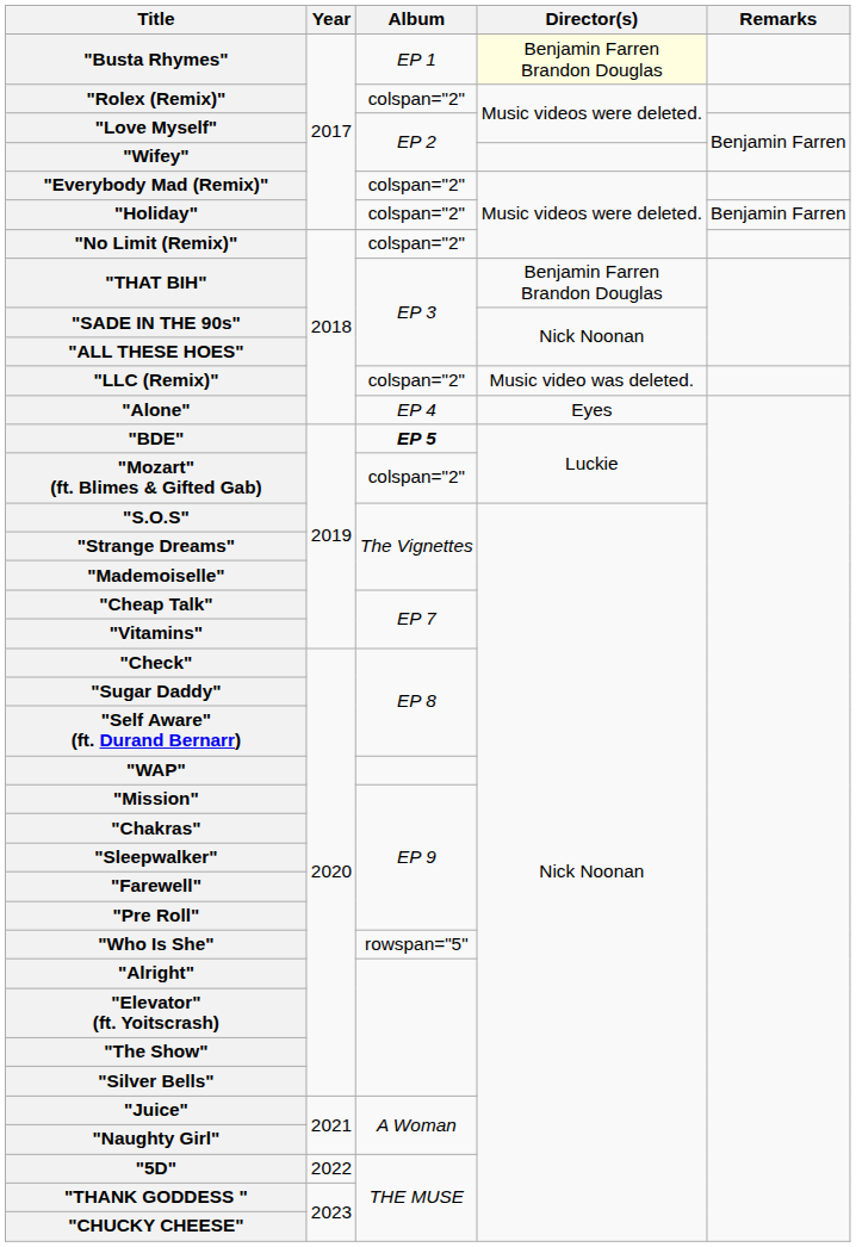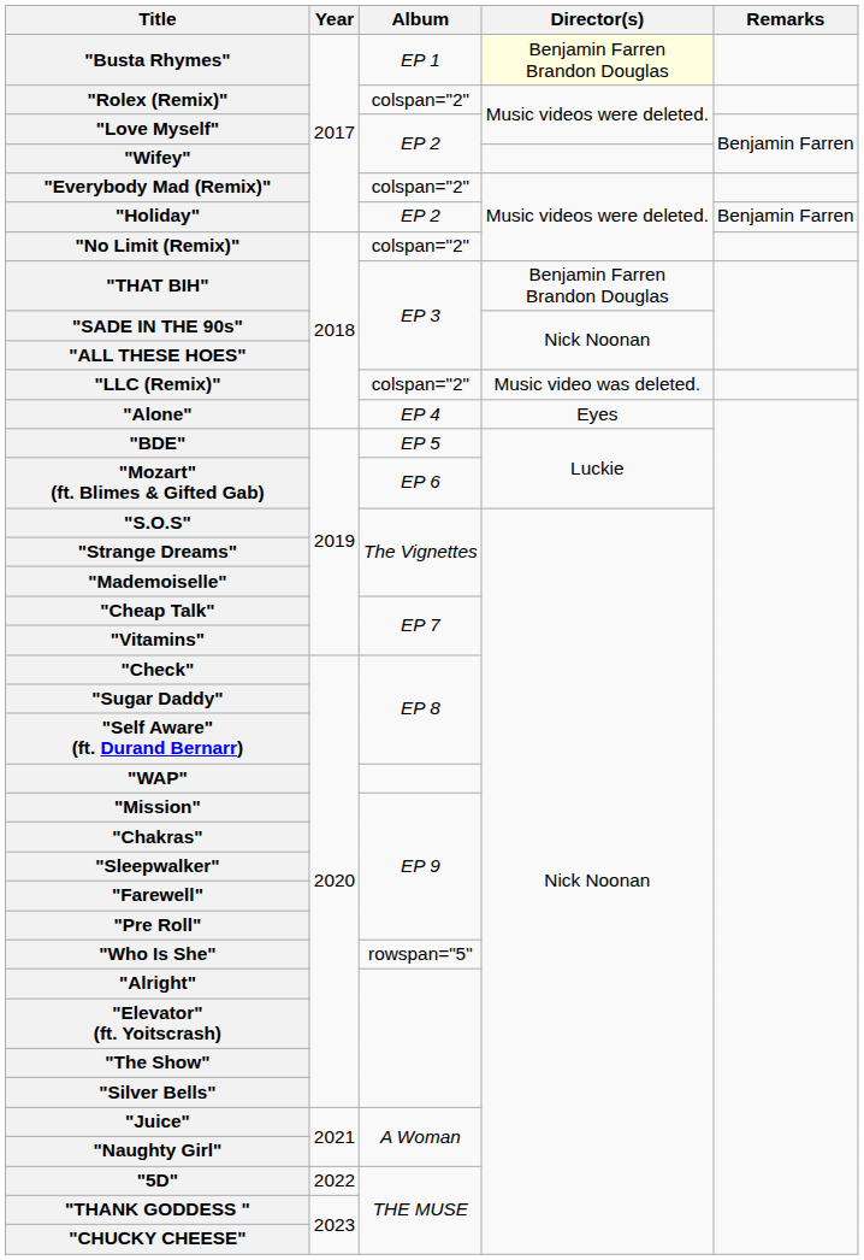 <table class="wikitable plainrowheaders" style="text-align:center;">
 <tr>
 <th scope="col" style="width:16em;">Title</th>
 <th scope="col">Year</th>
 <th>Album</th>
 <th scope="col">Director(s)</th>
 <th>Remarks</th>
 </tr>
 <tr>
 <th scope="row">"Busta Rhymes"</th>
 <td rowspan="6">2017</td>
 <td><em>EP 1</em></td>
 <td style="background: lightyellow;">Benjamin Farren<br>Brandon Douglas</td>
 <td></td>
 </tr>
 <tr>
 <th scope="row">"Rolex (Remix)"</th>
 <td>colspan="2" </td>
 <td rowspan="2">Music videos were deleted.</td>
 </tr>
 <tr>
 <th scope="row">"Love Myself"</th>
 <td rowspan="2"><em>EP 2</em></td>
 <td rowspan="2">Benjamin Farren</td>
 </tr>
 <tr>
 <th scope="row">"Wifey"</th>
 <td></td>
 </tr>
 <tr>
 <th scope="row">"Everybody Mad (Remix)"</th>
 <td>colspan="2" </td>
 <td rowspan="3">Music videos were deleted.</td>
 </tr>
 <tr>
 <th scope="row">"Holiday"</th>
-<td>colspan="2" </td>
+<td><em>EP 2</em></td>
 <td>Benjamin Farren</td>
 </tr>
 <tr>
 <th scope="row">"No Limit (Remix)"</th>
 <td rowspan="6">2018</td>
 <td>colspan="2" </td>
 </tr>
 <tr>
 <th scope="row">"THAT BIH"</th>
 <td rowspan="3"><em>EP 3</em></td>
 <td>Benjamin Farren<br>Brandon Douglas</td>
 <td rowspan="3"></td>
 </tr>
 <tr>
 <th scope="row">"SADE IN THE 90s"</th>
 <td rowspan="2">Nick Noonan</td>
 </tr>
 <tr>
 <th scope="row">"ALL THESE HOES"</th>
 </tr>
 <tr>
 <th scope="row">"LLC (Remix)"</th>
 <td>colspan="2" </td>
 <td>Music video was deleted.</td>
 </tr>
 <tr>
 <th scope="row">"Alone"</th>
 <td><em>EP 4</em></td>
 <td>Eyes</td>
 <td rowspan="27"></td>
 </tr>
 <tr>
 <th scope="row">"BDE"</th>
 <td rowspan="7">2019</td>
-<td><strong><em>EP 5</em></strong></td>
+<td><em>EP 5</em></td>
 <td rowspan="2">Luckie</td>
 </tr>
 <tr>
 <th scope="row">"Mozart" <br><span>(ft. Blimes & Gifted Gab)</span></th>
-<td>colspan="2" </td>
+<td><em>EP 6</em></td>
 </tr>
 <tr>
 <th scope="row">"S.O.S"</th>
 <td rowspan="3"><em>The Vignettes</em></td>
 <td rowspan="24">Nick Noonan</td>
 </tr>
 <tr>
 <th scope="row">"Strange Dreams"</th>
 </tr>
 <tr>
 <th scope="row">"Mademoiselle"</th>
 </tr>
 <tr>
 <th scope="row">"Cheap Talk"</th>
 <td rowspan="2"><em>EP 7</em></td>
 </tr>
 <tr>
 <th scope="row">"Vitamins"</th>
 </tr>
 <tr>
 <th scope="row">"Check"</th>
 <td rowspan="14">2020</td>
 <td rowspan="3"><em>EP 8</em></td>
 </tr>
 <tr>
 <th scope="row">"Sugar Daddy"</th>
 </tr>
 <tr>
 <th scope="row">"Self Aware" <br><span>(ft. <a href='#'>Durand Bernarr</a>)</span></th>
 </tr>
 <tr>
 <th scope="row">"WAP"</th>
 <td></td>
 </tr>
 <tr>
 <th scope="row">"Mission"</th>
 <td rowspan="5"><em>EP 9</em></td>
 </tr>
 <tr>
 <th scope="row">"Chakras"</th>
 </tr>
 <tr>
 <th scope="row">"Sleepwalker"</th>
 </tr>
 <tr>
 <th scope="row">"Farewell"</th>
 </tr>
 <tr>
 <th scope="row">"Pre Roll"</th>
 </tr>
 <tr>
 <th scope="row">"Who Is She"</th>
 <td>rowspan="5" </td>
 </tr>
 <tr>
 <th scope="row">"Alright"</th>
 </tr>
 <tr>
 <th scope="row">"Elevator" <br><span>(ft. Yoitscrash)</span></th>
 </tr>
 <tr>
 <th scope="row">"The Show"</th>
 </tr>
 <tr>
 <th scope="row">"Silver Bells"</th>
 </tr>
 <tr>
 <th scope="row">"Juice"</th>
 <td rowspan="2">2021</td>
 <td rowspan="2"><em>A Woman</em></td>
 </tr>
 <tr>
 <th scope="row">"Naughty Girl"</th>
 </tr>
 <tr>
 <th scope="row">"5D"</th>
 <td>2022</td>
 <td rowspan="3"><em>THE MUSE</em></td>
 </tr>
 <tr>
 <th scope="row">"THANK GODDESS "</th>
 <td rowspan="2">2023</td>
 </tr>
 <tr>
 <th>"CHUCKY CHEESE"</th>
 </tr>
 </table>
